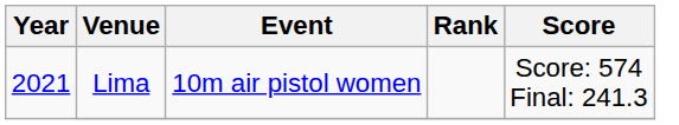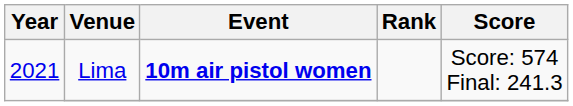 <table Class="wikitable sortable" style="text-align:center;">
 <tr>
 <th>Year</th>
 <th>Venue</th>
 <th>Event</th>
 <th>Rank</th>
 <th>Score</th>
 </tr>
 <tr>
 <td rowspan=3><a href='#'>2021</a></td>
 <td><a href='#'>Lima</a></td>
-<td><a href='#'>10m air pistol women</a></td>
+<td><strong><a href='#'>10m air pistol women</a></strong></td>
 <td></td>
 <td>Score: 574<br>Final: 241.3</td>
 </tr>
 <tr>
 </tr>
 </table>
